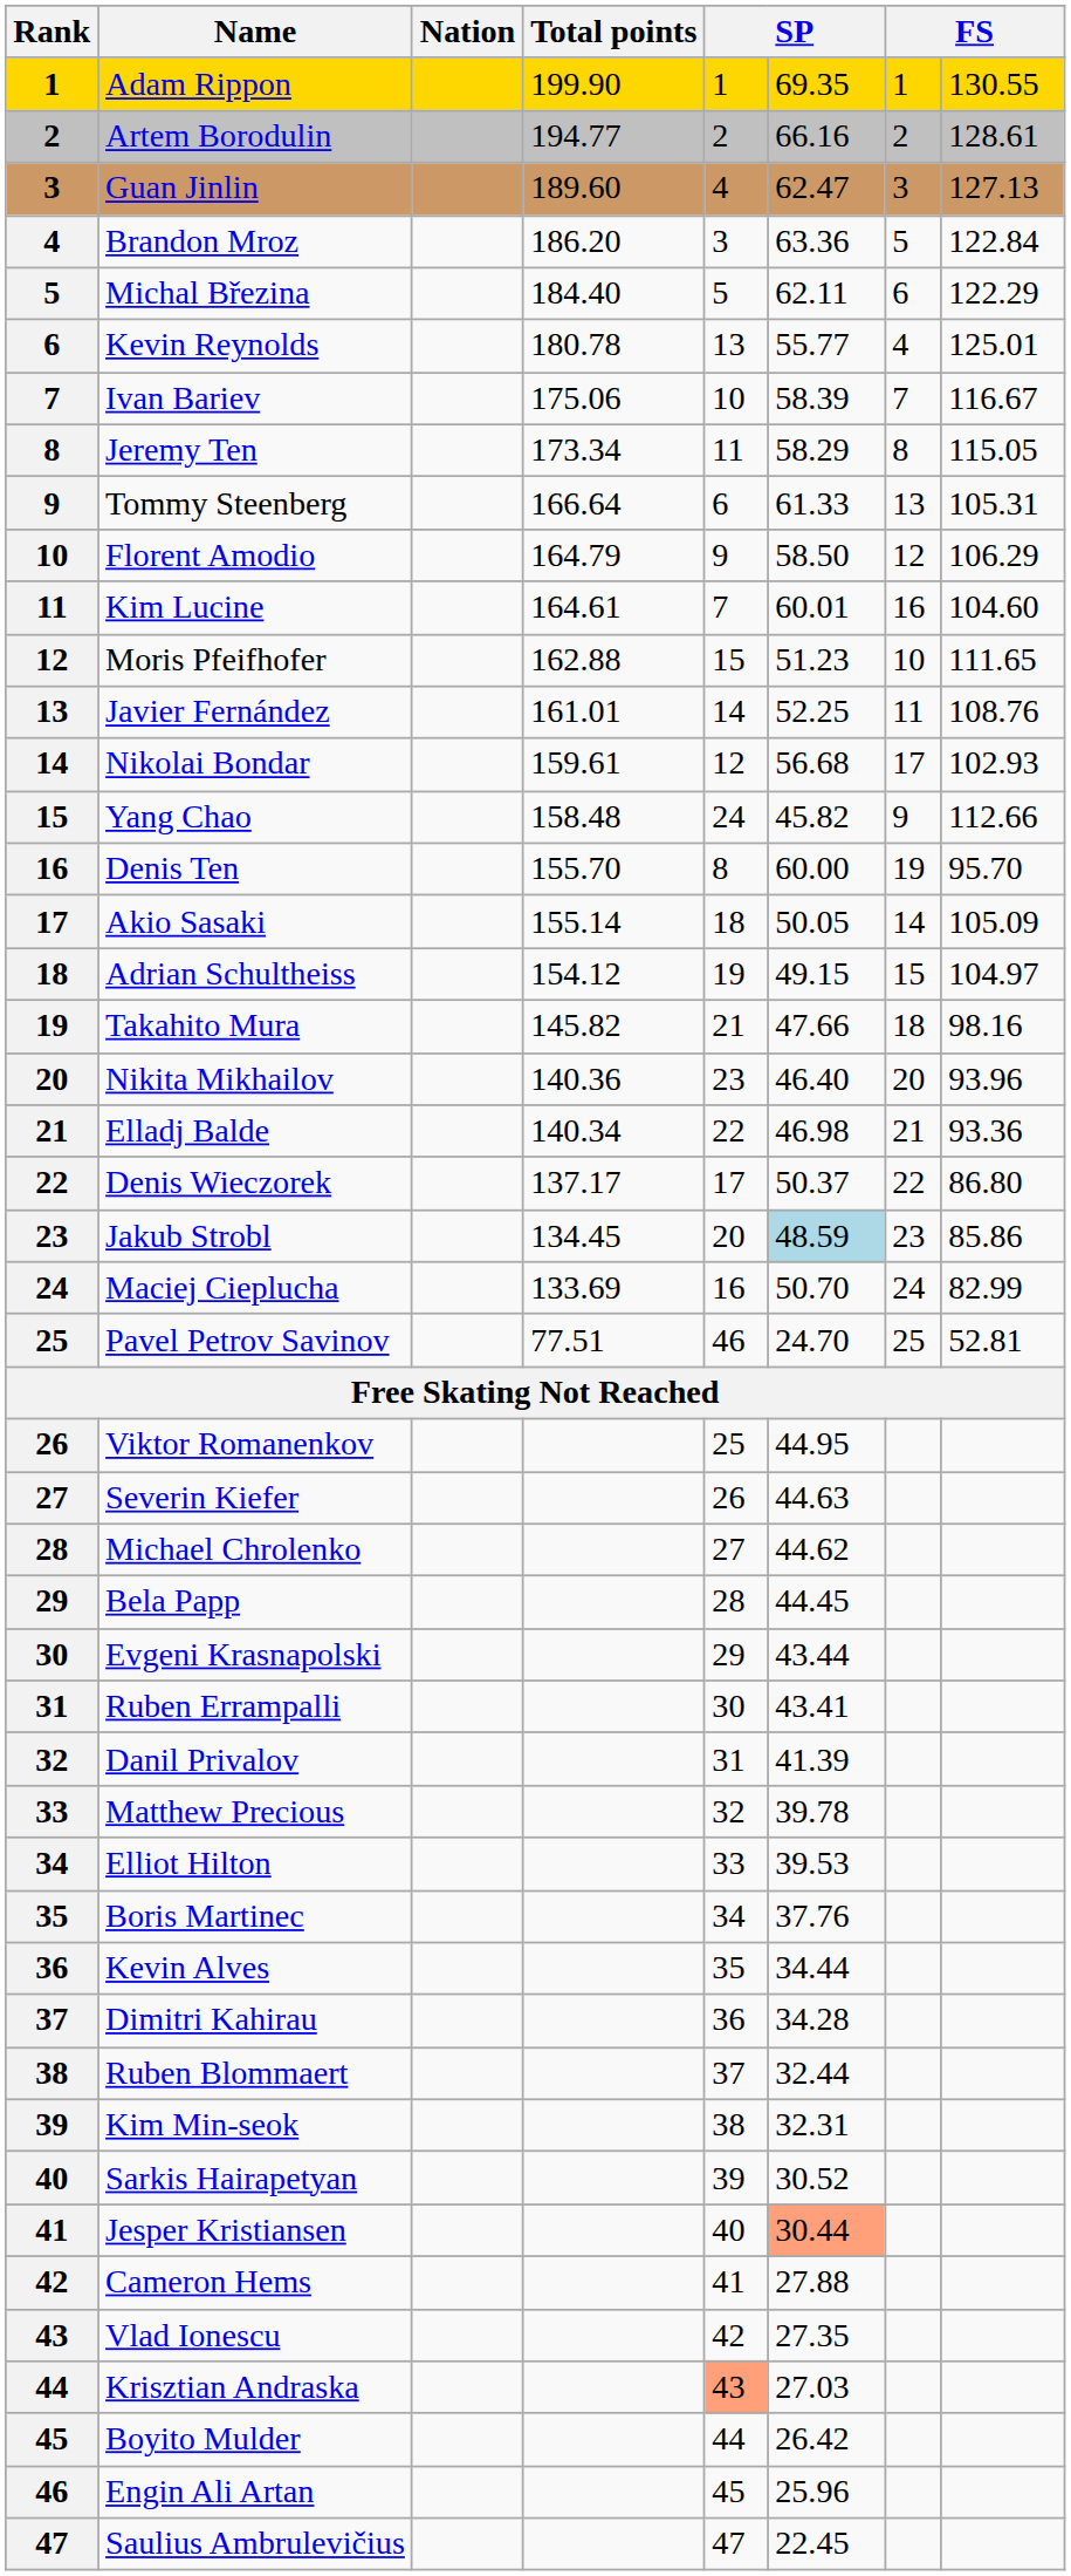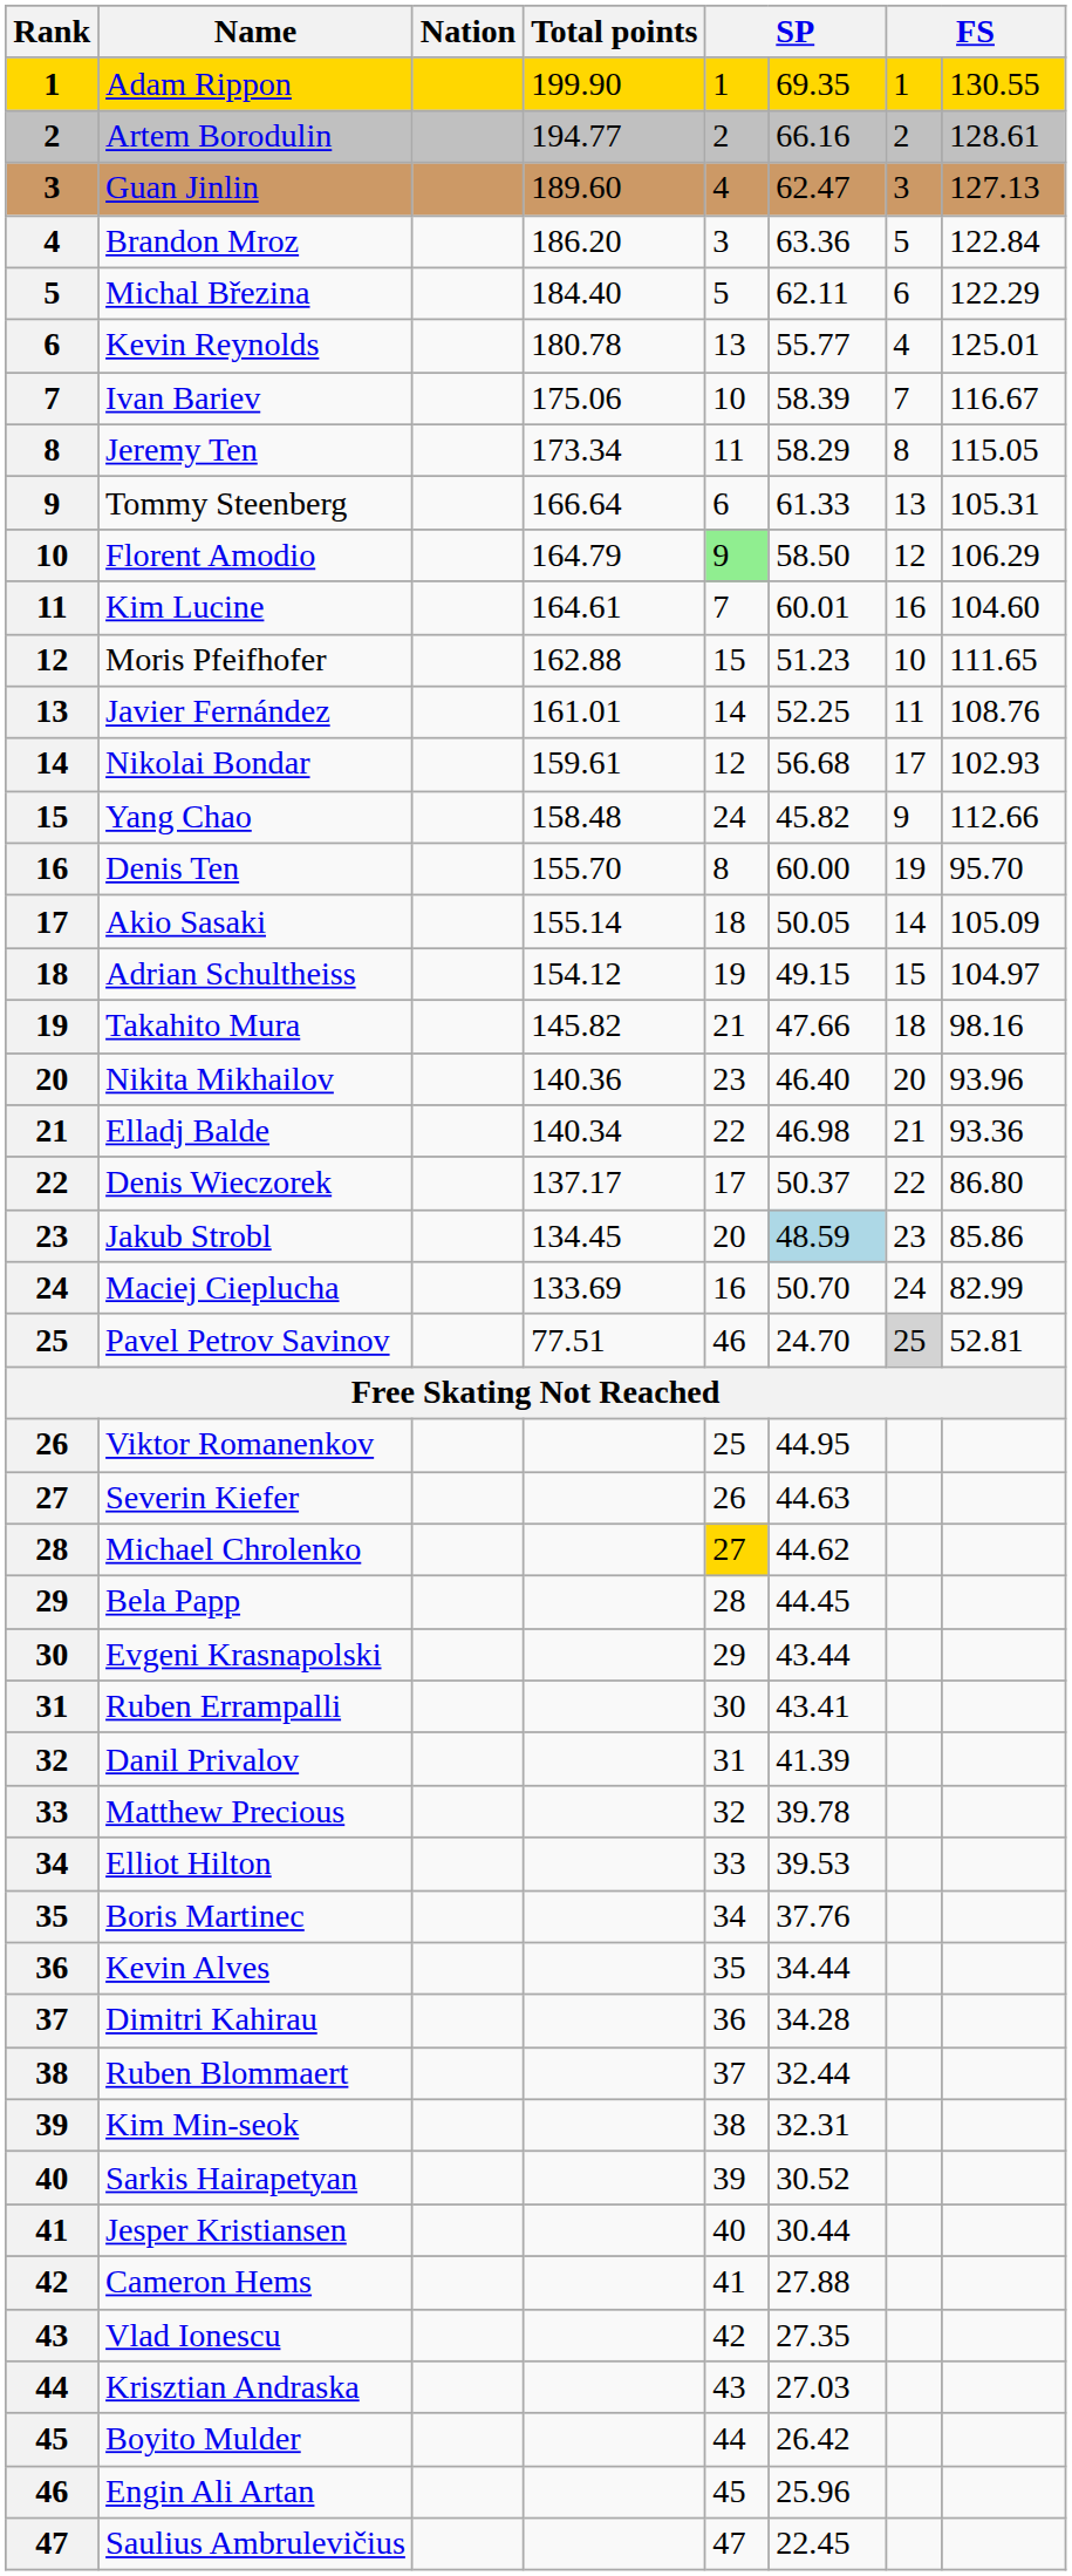 <table class="wikitable">
 <tr>
 <th>Rank</th>
 <th>Name</th>
 <th>Nation</th>
 <th>Total points</th>
 <th colspan="2" width="80px"><a href='#'>SP</a></th>
 <th colspan="2" width="80px"><a href='#'>FS</a></th>
 </tr>
 <tr bgcolor=gold>
 <td align=center><strong>1</strong></td>
 <td><a href='#'>Adam Rippon</a></td>
 <td></td>
 <td>199.90</td>
 <td>1</td>
 <td>69.35</td>
 <td>1</td>
 <td>130.55</td>
 </tr>
 <tr bgcolor=silver>
 <td align=center><strong>2</strong></td>
 <td><a href='#'>Artem Borodulin</a></td>
 <td></td>
 <td>194.77</td>
 <td>2</td>
 <td>66.16</td>
 <td>2</td>
 <td>128.61</td>
 </tr>
 <tr bgcolor=cc9966>
 <td align=center><strong>3</strong></td>
 <td><a href='#'>Guan Jinlin</a></td>
 <td></td>
 <td>189.60</td>
 <td>4</td>
 <td>62.47</td>
 <td>3</td>
 <td>127.13</td>
 </tr>
 <tr>
 <th>4</th>
 <td><a href='#'>Brandon Mroz</a></td>
 <td></td>
 <td>186.20</td>
 <td>3</td>
 <td>63.36</td>
 <td>5</td>
 <td>122.84</td>
 </tr>
 <tr>
 <th>5</th>
 <td><a href='#'>Michal Březina</a></td>
 <td></td>
 <td>184.40</td>
 <td>5</td>
 <td>62.11</td>
 <td>6</td>
 <td>122.29</td>
 </tr>
 <tr>
 <th>6</th>
 <td><a href='#'>Kevin Reynolds</a></td>
 <td></td>
 <td>180.78</td>
 <td>13</td>
 <td>55.77</td>
 <td>4</td>
 <td>125.01</td>
 </tr>
 <tr>
 <th>7</th>
 <td><a href='#'>Ivan Bariev</a></td>
 <td></td>
 <td>175.06</td>
 <td>10</td>
 <td>58.39</td>
 <td>7</td>
 <td>116.67</td>
 </tr>
 <tr>
 <th>8</th>
 <td><a href='#'>Jeremy Ten</a></td>
 <td></td>
 <td>173.34</td>
 <td>11</td>
 <td>58.29</td>
 <td>8</td>
 <td>115.05</td>
 </tr>
 <tr>
 <th>9</th>
 <td>Tommy Steenberg</td>
 <td></td>
 <td>166.64</td>
 <td>6</td>
 <td>61.33</td>
 <td>13</td>
 <td>105.31</td>
 </tr>
 <tr>
 <th>10</th>
 <td><a href='#'>Florent Amodio</a></td>
 <td></td>
 <td>164.79</td>
-<td>9</td>
+<td style="background: lightgreen;">9</td>
 <td>58.50</td>
 <td>12</td>
 <td>106.29</td>
 </tr>
 <tr>
 <th>11</th>
 <td><a href='#'>Kim Lucine</a></td>
 <td></td>
 <td>164.61</td>
 <td>7</td>
 <td>60.01</td>
 <td>16</td>
 <td>104.60</td>
 </tr>
 <tr>
 <th>12</th>
 <td>Moris Pfeifhofer</td>
 <td></td>
 <td>162.88</td>
 <td>15</td>
 <td>51.23</td>
 <td>10</td>
 <td>111.65</td>
 </tr>
 <tr>
 <th>13</th>
 <td><a href='#'>Javier Fernández</a></td>
 <td></td>
 <td>161.01</td>
 <td>14</td>
 <td>52.25</td>
 <td>11</td>
 <td>108.76</td>
 </tr>
 <tr>
 <th>14</th>
 <td><a href='#'>Nikolai Bondar</a></td>
 <td></td>
 <td>159.61</td>
 <td>12</td>
 <td>56.68</td>
 <td>17</td>
 <td>102.93</td>
 </tr>
 <tr>
 <th>15</th>
 <td><a href='#'>Yang Chao</a></td>
 <td></td>
 <td>158.48</td>
 <td>24</td>
 <td>45.82</td>
 <td>9</td>
 <td>112.66</td>
 </tr>
 <tr>
 <th>16</th>
 <td><a href='#'>Denis Ten</a></td>
 <td></td>
 <td>155.70</td>
 <td>8</td>
 <td>60.00</td>
 <td>19</td>
 <td>95.70</td>
 </tr>
 <tr>
 <th>17</th>
 <td><a href='#'>Akio Sasaki</a></td>
 <td></td>
 <td>155.14</td>
 <td>18</td>
 <td>50.05</td>
 <td>14</td>
 <td>105.09</td>
 </tr>
 <tr>
 <th>18</th>
 <td><a href='#'>Adrian Schultheiss</a></td>
 <td></td>
 <td>154.12</td>
 <td>19</td>
 <td>49.15</td>
 <td>15</td>
 <td>104.97</td>
 </tr>
 <tr>
 <th>19</th>
 <td><a href='#'>Takahito Mura</a></td>
 <td></td>
 <td>145.82</td>
 <td>21</td>
 <td>47.66</td>
 <td>18</td>
 <td>98.16</td>
 </tr>
 <tr>
 <th>20</th>
 <td><a href='#'>Nikita Mikhailov</a></td>
 <td></td>
 <td>140.36</td>
 <td>23</td>
 <td>46.40</td>
 <td>20</td>
 <td>93.96</td>
 </tr>
 <tr>
 <th>21</th>
 <td><a href='#'>Elladj Balde</a></td>
 <td></td>
 <td>140.34</td>
 <td>22</td>
 <td>46.98</td>
 <td>21</td>
 <td>93.36</td>
 </tr>
 <tr>
 <th>22</th>
 <td><a href='#'>Denis Wieczorek</a></td>
 <td></td>
 <td>137.17</td>
 <td>17</td>
 <td>50.37</td>
 <td>22</td>
 <td>86.80</td>
 </tr>
 <tr>
 <th>23</th>
 <td><a href='#'>Jakub Strobl</a></td>
 <td></td>
 <td>134.45</td>
 <td>20</td>
 <td style="background: lightblue;">48.59</td>
 <td>23</td>
 <td>85.86</td>
 </tr>
 <tr>
 <th>24</th>
 <td><a href='#'>Maciej Cieplucha</a></td>
 <td></td>
 <td>133.69</td>
 <td>16</td>
 <td>50.70</td>
 <td>24</td>
 <td>82.99</td>
 </tr>
 <tr>
 <th>25</th>
 <td><a href='#'>Pavel Petrov Savinov</a></td>
 <td></td>
 <td>77.51</td>
 <td>46</td>
 <td>24.70</td>
-<td>25</td>
+<td style="background: lightgrey;">25</td>
 <td>52.81</td>
 </tr>
 <tr>
 <th colspan=8>Free Skating Not Reached</th>
 </tr>
 <tr>
 <th>26</th>
 <td><a href='#'>Viktor Romanenkov</a></td>
 <td></td>
 <td></td>
 <td>25</td>
 <td>44.95</td>
 <td></td>
 <td></td>
 </tr>
 <tr>
 <th>27</th>
 <td><a href='#'>Severin Kiefer</a></td>
 <td></td>
 <td></td>
 <td>26</td>
 <td>44.63</td>
 <td></td>
 <td></td>
 </tr>
 <tr>
 <th>28</th>
 <td><a href='#'>Michael Chrolenko</a></td>
 <td></td>
 <td></td>
-<td>27</td>
+<td style="background: gold;">27</td>
 <td>44.62</td>
 <td></td>
 <td></td>
 </tr>
 <tr>
 <th>29</th>
 <td><a href='#'>Bela Papp</a></td>
 <td></td>
 <td></td>
 <td>28</td>
 <td>44.45</td>
 <td></td>
 <td></td>
 </tr>
 <tr>
 <th>30</th>
 <td><a href='#'>Evgeni Krasnapolski</a></td>
 <td></td>
 <td></td>
 <td>29</td>
 <td>43.44</td>
 <td></td>
 <td></td>
 </tr>
 <tr>
 <th>31</th>
 <td><a href='#'>Ruben Errampalli</a></td>
 <td></td>
 <td></td>
 <td>30</td>
 <td>43.41</td>
 <td></td>
 <td></td>
 </tr>
 <tr>
 <th>32</th>
 <td><a href='#'>Danil Privalov</a></td>
 <td></td>
 <td></td>
 <td>31</td>
 <td>41.39</td>
 <td></td>
 <td></td>
 </tr>
 <tr>
 <th>33</th>
 <td><a href='#'>Matthew Precious</a></td>
 <td></td>
 <td></td>
 <td>32</td>
 <td>39.78</td>
 <td></td>
 <td></td>
 </tr>
 <tr>
 <th>34</th>
 <td><a href='#'>Elliot Hilton</a></td>
 <td></td>
 <td></td>
 <td>33</td>
 <td>39.53</td>
 <td></td>
 <td></td>
 </tr>
 <tr>
 <th>35</th>
 <td><a href='#'>Boris Martinec</a></td>
 <td></td>
 <td></td>
 <td>34</td>
 <td>37.76</td>
 <td></td>
 <td></td>
 </tr>
 <tr>
 <th>36</th>
 <td><a href='#'>Kevin Alves</a></td>
 <td></td>
 <td></td>
 <td>35</td>
 <td>34.44</td>
 <td></td>
 <td></td>
 </tr>
 <tr>
 <th>37</th>
 <td><a href='#'>Dimitri Kahirau</a></td>
 <td></td>
 <td></td>
 <td>36</td>
 <td>34.28</td>
 <td></td>
 <td></td>
 </tr>
 <tr>
 <th>38</th>
 <td><a href='#'>Ruben Blommaert</a></td>
 <td></td>
 <td></td>
 <td>37</td>
 <td>32.44</td>
 <td></td>
 <td></td>
 </tr>
 <tr>
 <th>39</th>
 <td><a href='#'>Kim Min-seok</a></td>
 <td></td>
 <td></td>
 <td>38</td>
 <td>32.31</td>
 <td></td>
 <td></td>
 </tr>
 <tr>
 <th>40</th>
 <td><a href='#'>Sarkis Hairapetyan</a></td>
 <td></td>
 <td></td>
 <td>39</td>
 <td>30.52</td>
 <td></td>
 <td></td>
 </tr>
 <tr>
 <th>41</th>
 <td><a href='#'>Jesper Kristiansen</a></td>
 <td></td>
 <td></td>
 <td>40</td>
-<td style="background: lightsalmon;">30.44</td>
+<td>30.44</td>
 <td></td>
 <td></td>
 </tr>
 <tr>
 <th>42</th>
 <td><a href='#'>Cameron Hems</a></td>
 <td></td>
 <td></td>
 <td>41</td>
 <td>27.88</td>
 <td></td>
 <td></td>
 </tr>
 <tr>
 <th>43</th>
 <td><a href='#'>Vlad Ionescu</a></td>
 <td></td>
 <td></td>
 <td>42</td>
 <td>27.35</td>
 <td></td>
 <td></td>
 </tr>
 <tr>
 <th>44</th>
 <td><a href='#'>Krisztian Andraska</a></td>
 <td></td>
 <td></td>
-<td style="background: lightsalmon;">43</td>
+<td>43</td>
 <td>27.03</td>
 <td></td>
 <td></td>
 </tr>
 <tr>
 <th>45</th>
 <td><a href='#'>Boyito Mulder</a></td>
 <td></td>
 <td></td>
 <td>44</td>
 <td>26.42</td>
 <td></td>
 <td></td>
 </tr>
 <tr>
 <th>46</th>
 <td><a href='#'>Engin Ali Artan</a></td>
 <td></td>
 <td></td>
 <td>45</td>
 <td>25.96</td>
 <td></td>
 <td></td>
 </tr>
 <tr>
 <th>47</th>
 <td><a href='#'>Saulius Ambrulevičius</a></td>
 <td></td>
 <td></td>
 <td>47</td>
 <td>22.45</td>
 <td></td>
 <td></td>
 </tr>
 </table>
